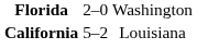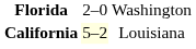 <table>
 <tr>
 <td align=center><strong>Florida</strong></td>
 <td align=center>2–0</td>
 <td align=center>Washington</td>
 </tr>
 <tr>
 <td align=center><strong>California</strong></td>
-<td align=center>5–2</td>
+<td align=center style="background: lightyellow;">5–2</td>
 <td align=center>Louisiana</td>
 </tr>
 </table>
